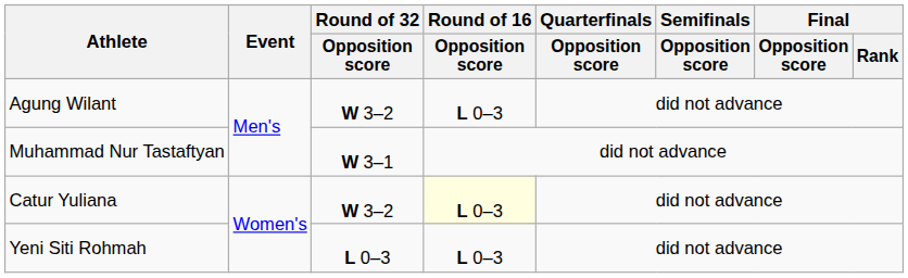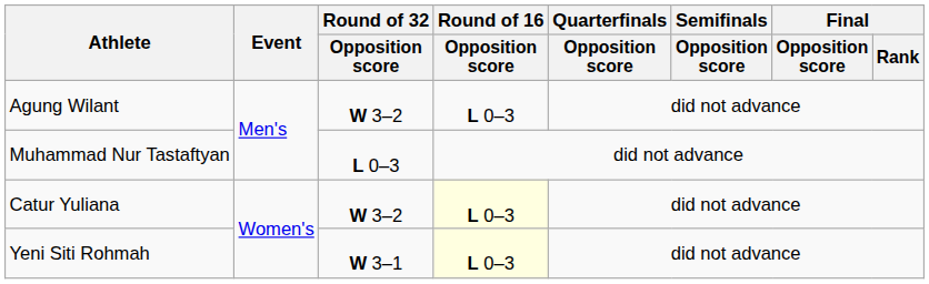 <table class=wikitable style="font-size:90%; text-align:center;">
 <tr>
 <th rowspan="2">Athlete</th>
 <th rowspan="2">Event</th>
 <th>Round of 32</th>
 <th>Round of 16</th>
 <th>Quarterfinals</th>
 <th>Semifinals</th>
 <th colspan=2>Final</th>
 </tr>
 <tr style="font-size:95%">
 <th>Opposition<br> score</th>
 <th>Opposition<br> score</th>
 <th>Opposition<br> score</th>
 <th>Opposition<br> score</th>
 <th>Opposition<br> score</th>
 <th>Rank</th>
 </tr>
 <tr>
 <td align=left>Agung Wilant</td>
 <td align=left rowspan=2><a href='#'>Men's</a></td>
 <td><br><strong>W</strong> 3–2</td>
 <td><br><strong>L</strong> 0–3</td>
 <td colspan=4>did not advance</td>
 </tr>
 <tr>
 <td align=left>Muhammad Nur Tastaftyan</td>
-<td><br><strong>W</strong> 3–1</td>
+<td><br><strong>L</strong> 0–3</td>
 <td colspan=5>did not advance</td>
 </tr>
 <tr>
 <td align=left>Catur Yuliana</td>
 <td align=left rowspan=2><a href='#'>Women's</a></td>
 <td><br><strong>W</strong> 3–2</td>
 <td style="background: lightyellow;"><br><strong>L</strong> 0–3</td>
 <td colspan=4>did not advance</td>
 </tr>
 <tr>
 <td align=left>Yeni Siti Rohmah</td>
-<td><br><strong>L</strong> 0–3</td>
-<td><br><strong>L</strong> 0–3</td>
+<td><br><strong>W</strong> 3–1</td>
+<td style="background: lightyellow;"><br><strong>L</strong> 0–3</td>
 <td colspan=4>did not advance</td>
 </tr>
 </table>
